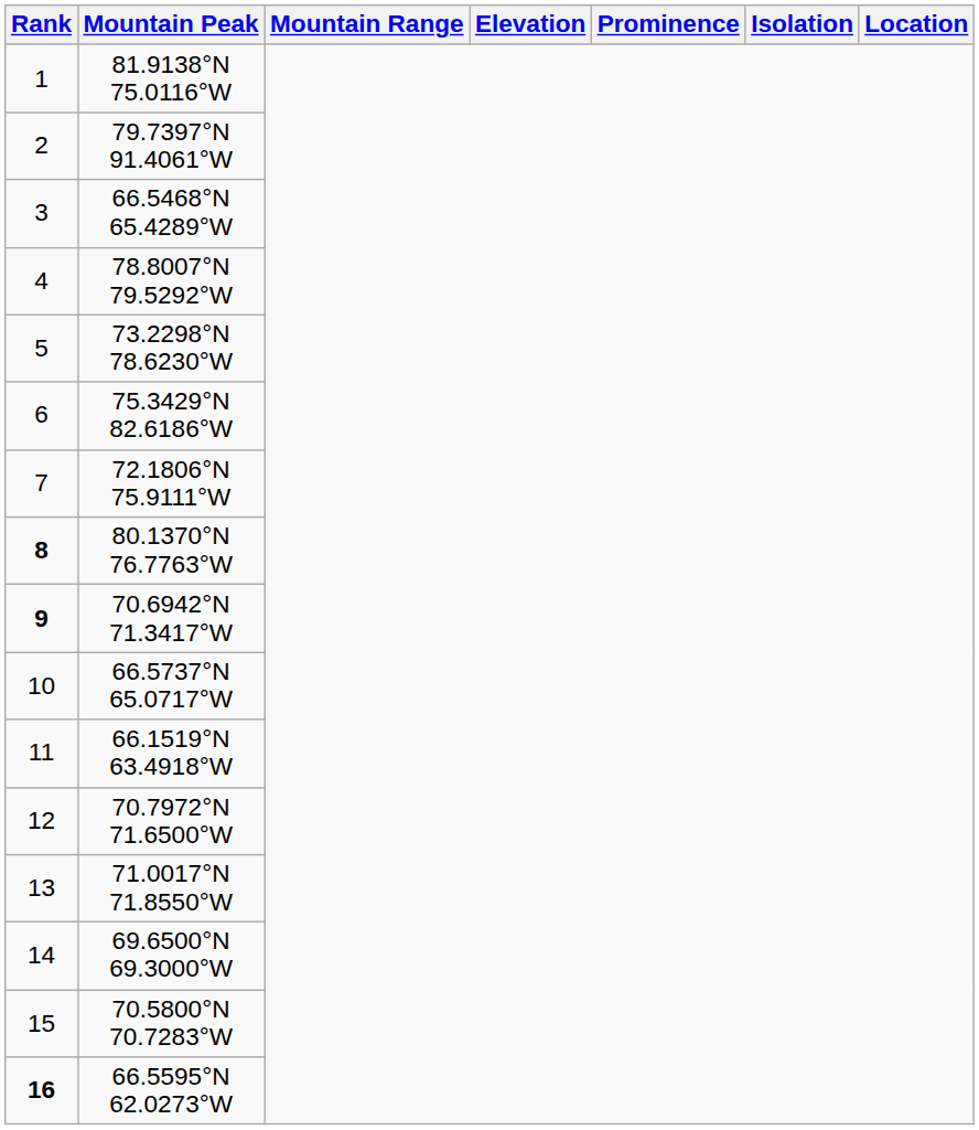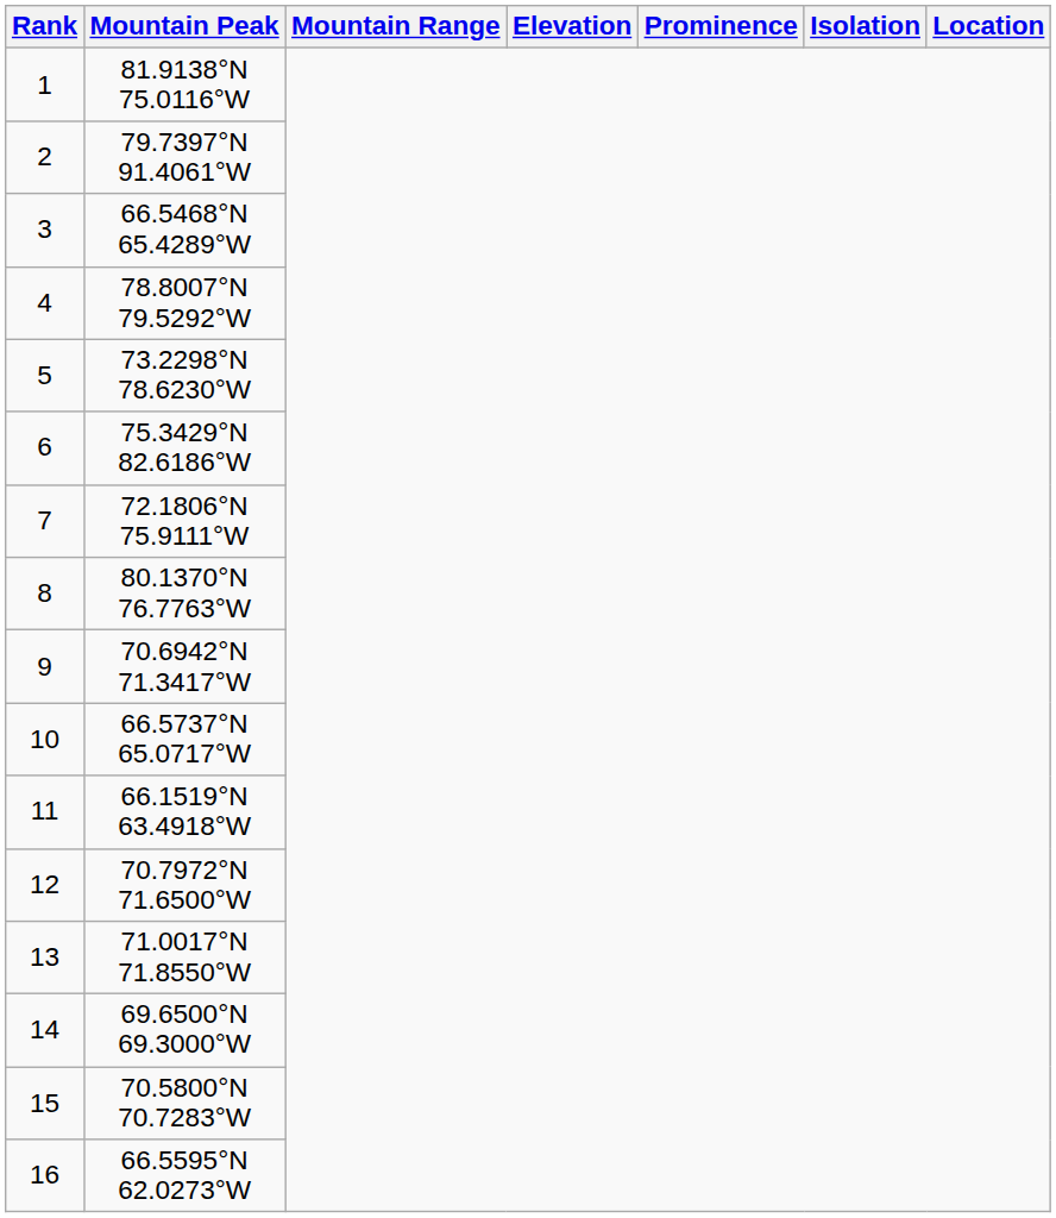 <table class="wikitable sortable">
 <tr>
 <th><a href='#'>Rank</a></th>
 <th><a href='#'>Mountain Peak</a></th>
 <th><a href='#'>Mountain Range</a></th>
 <th><a href='#'>Elevation</a></th>
 <th><a href='#'>Prominence</a></th>
 <th><a href='#'>Isolation</a></th>
 <th><a href='#'>Location</a></th>
 </tr>
 <tr>
 <td align=center>1<br>  </td>
 <td align=center>81.9138°N<br>75.0116°W</td>
 </tr>
 <tr>
 <td align=center>2<br>  </td>
 <td align=center>79.7397°N<br>91.4061°W</td>
 </tr>
 <tr>
 <td align=center>3<br>  </td>
 <td align=center>66.5468°N<br>65.4289°W</td>
 </tr>
 <tr>
 <td align=center>4<br>  </td>
 <td align=center>78.8007°N<br>79.5292°W</td>
 </tr>
 <tr>
 <td align=center>5<br>  </td>
 <td align=center>73.2298°N<br>78.6230°W</td>
 </tr>
 <tr>
 <td align=center>6<br>  </td>
 <td align=center>75.3429°N<br>82.6186°W</td>
 </tr>
 <tr>
 <td align=center>7<br>  </td>
 <td align=center>72.1806°N<br>75.9111°W</td>
 </tr>
 <tr>
-<td align=center><strong>8<br>  </strong></td>
+<td align=center>8<br>  </td>
 <td align=center>80.1370°N<br>76.7763°W</td>
 </tr>
 <tr>
-<td align=center><strong>9<br>  </strong></td>
+<td align=center>9<br>  </td>
 <td align=center>70.6942°N<br>71.3417°W</td>
 </tr>
 <tr>
 <td align=center>10<br>  </td>
 <td align=center>66.5737°N<br>65.0717°W</td>
 </tr>
 <tr>
 <td align=center>11<br>  </td>
 <td align=center>66.1519°N<br>63.4918°W</td>
 </tr>
 <tr>
 <td align=center>12<br>  </td>
 <td align=center>70.7972°N<br>71.6500°W</td>
 </tr>
 <tr>
 <td align=center>13<br>  </td>
 <td align=center>71.0017°N<br>71.8550°W</td>
 </tr>
 <tr>
 <td align=center>14<br>  </td>
 <td align=center>69.6500°N<br>69.3000°W</td>
 </tr>
 <tr>
 <td align=center>15<br>  </td>
 <td align=center>70.5800°N<br>70.7283°W</td>
 </tr>
 <tr>
-<td align=center><strong>16<br>  </strong></td>
+<td align=center>16<br>  </td>
 <td align=center>66.5595°N<br>62.0273°W</td>
 </tr>
 </table>
